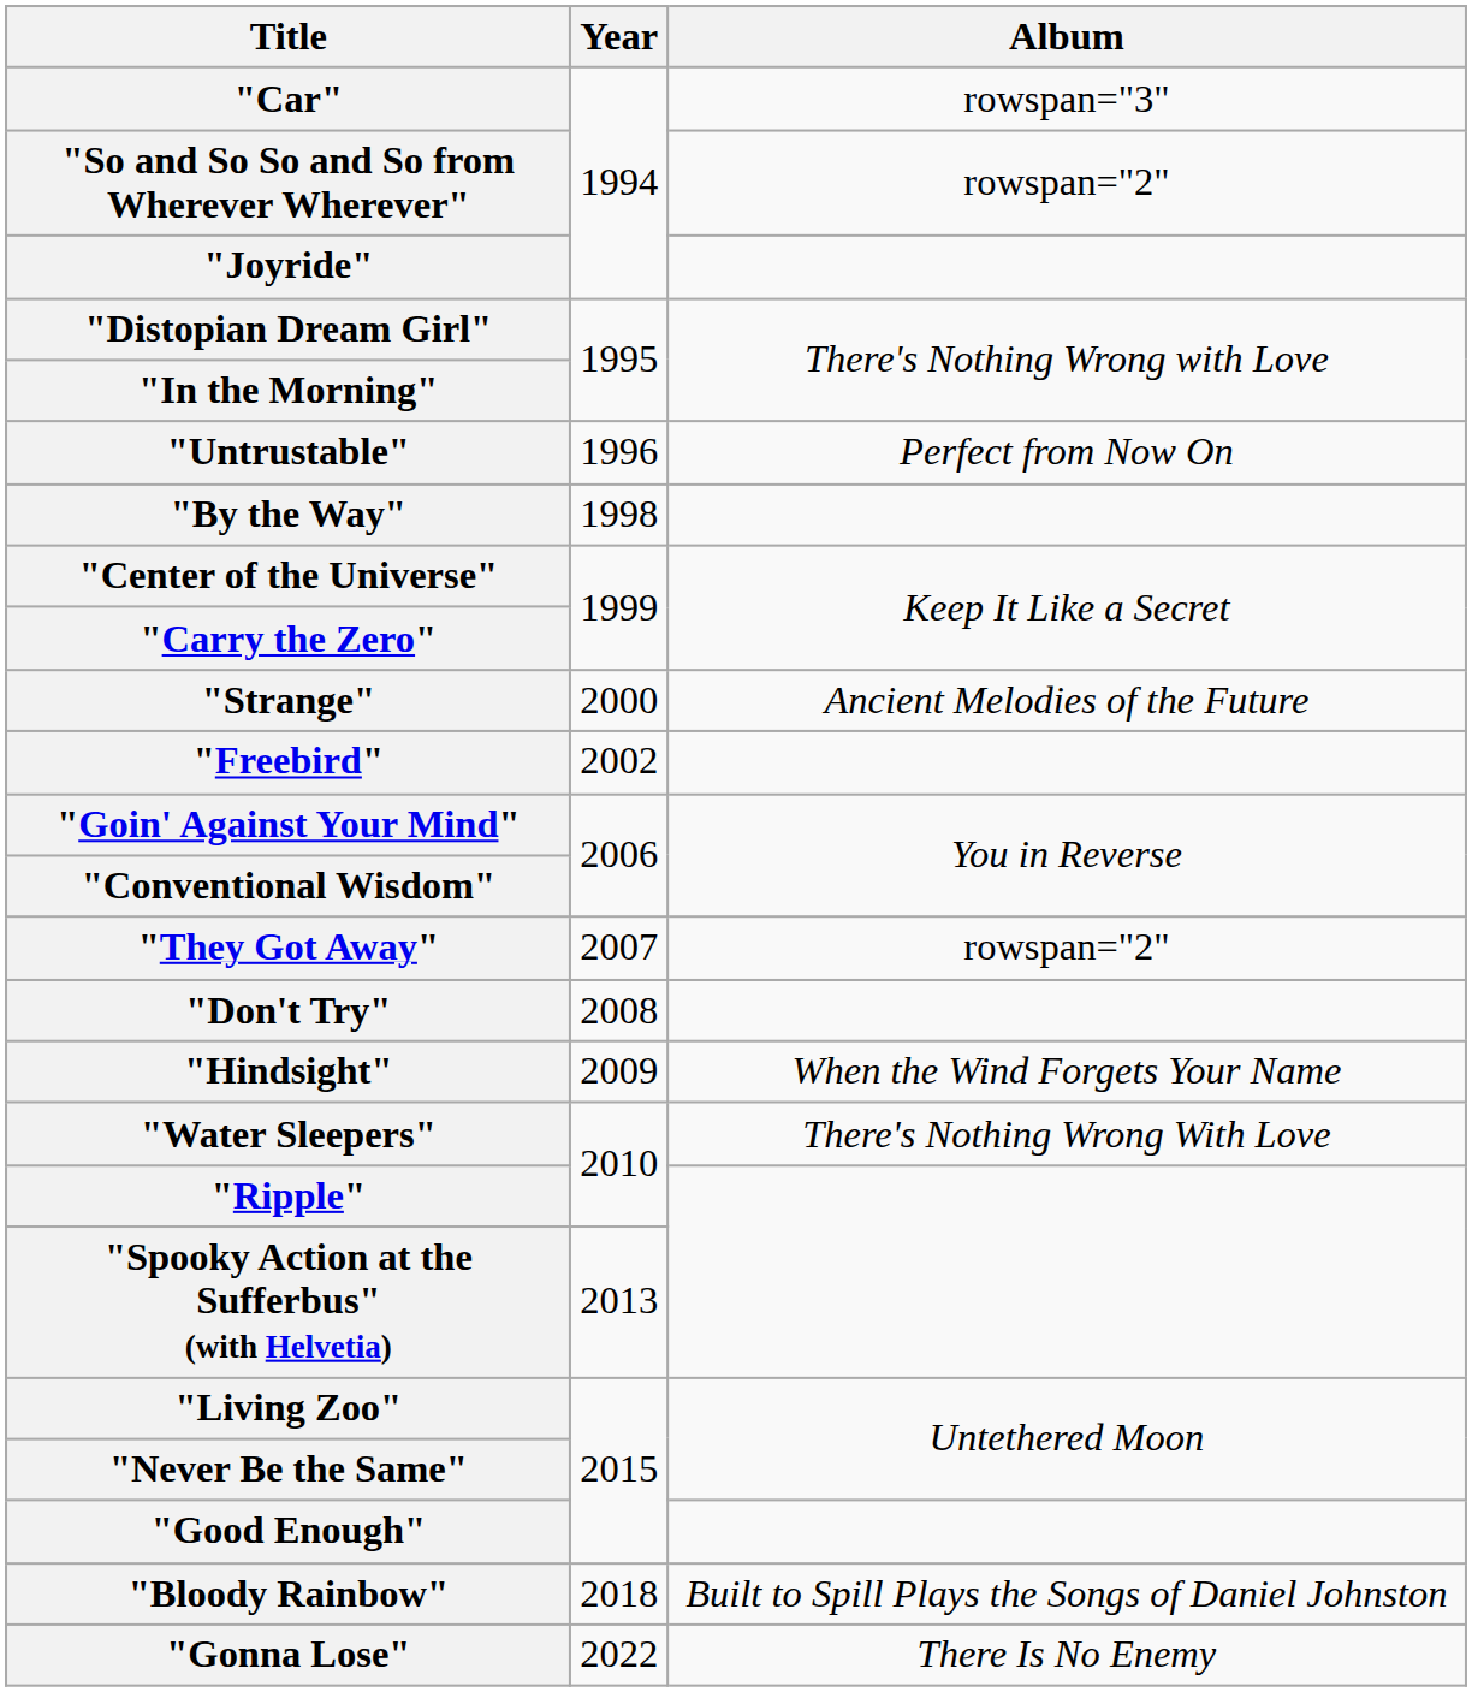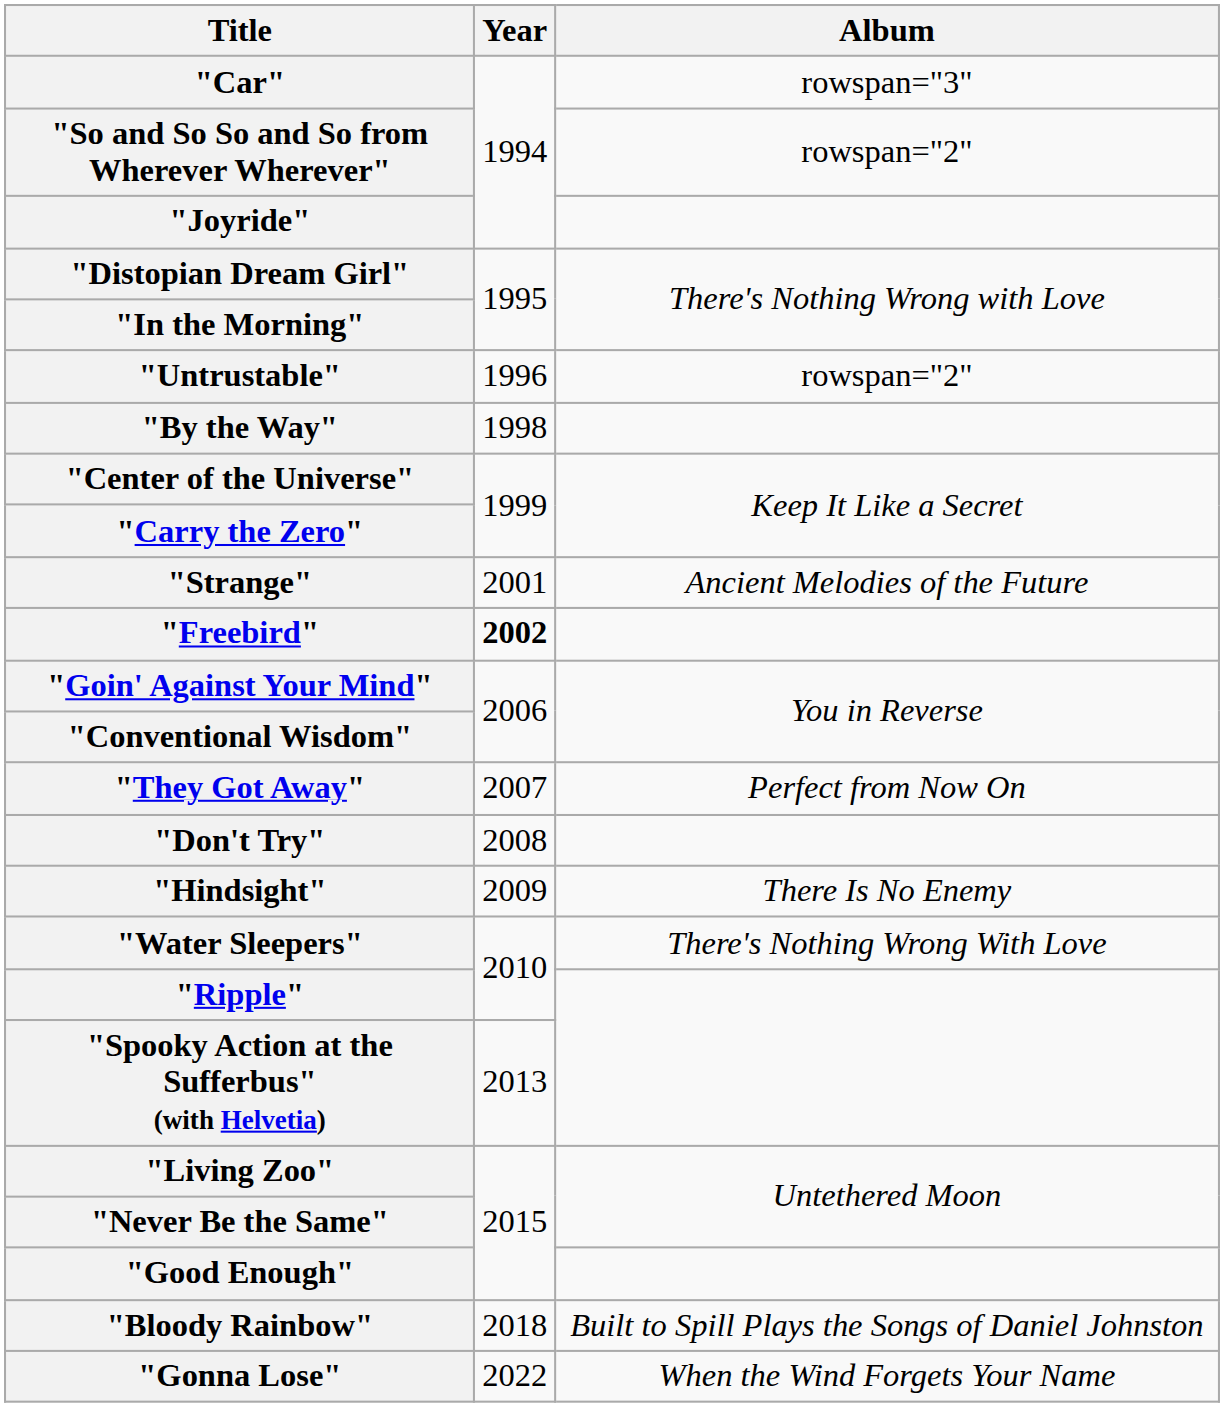 <table class="wikitable plainrowheaders" style="text-align:center;">
 <tr>
 <th scope="col" style="width:14em;">Title</th>
 <th scope="col" style="width:1em;">Year</th>
 <th scope="col" style="width:20em;">Album</th>
 </tr>
 <tr>
 <th scope="row">"Car"</th>
 <td rowspan="3">1994</td>
 <td>rowspan="3" </td>
 </tr>
 <tr>
 <th scope="row">"So and So So and So from Wherever Wherever"</th>
 <td>rowspan="2" </td>
 </tr>
 <tr>
 <th scope="row">"Joyride"</th>
 </tr>
 <tr>
 <th scope="row">"Distopian Dream Girl"</th>
 <td rowspan="2">1995</td>
 <td rowspan="2"><em>There's Nothing Wrong with Love</em></td>
 </tr>
 <tr>
 <th scope="row">"In the Morning"</th>
 </tr>
 <tr>
 <th scope="row">"Untrustable"</th>
 <td>1996</td>
-<td><em>Perfect from Now On</em></td>
+<td>rowspan="2" </td>
 </tr>
 <tr>
 <th scope="row">"By the Way"</th>
 <td>1998</td>
 <td></td>
 </tr>
 <tr>
 <th scope="row">"Center of the Universe"</th>
 <td rowspan="2">1999</td>
 <td rowspan="2"><em>Keep It Like a Secret</em></td>
 </tr>
 <tr>
 <th scope="row">"<a href='#'>Carry the Zero</a>"</th>
 </tr>
 <tr>
 <th scope="row">"Strange"</th>
-<td>2000</td>
+<td>2001</td>
 <td><em>Ancient Melodies of the Future</em></td>
 </tr>
 <tr>
 <th scope="row">"<a href='#'>Freebird</a>"</th>
-<td>2002</td>
+<td><strong>2002</strong></td>
 <td></td>
 </tr>
 <tr>
 <th scope="row">"<a href='#'>Goin' Against Your Mind</a>"</th>
 <td rowspan="2">2006</td>
 <td rowspan="2"><em>You in Reverse</em></td>
 </tr>
 <tr>
 <th scope="row">"Conventional Wisdom"</th>
 </tr>
 <tr>
 <th scope="row">"<a href='#'>They Got Away</a>"</th>
 <td>2007</td>
-<td>rowspan="2" </td>
+<td><em>Perfect from Now On</em></td>
 </tr>
 <tr>
 <th scope="row">"Don't Try"</th>
 <td>2008</td>
 </tr>
 <tr>
 <th scope="row">"Hindsight"</th>
 <td>2009</td>
-<td><em>When the Wind Forgets Your Name</em></td>
+<td><em>There Is No Enemy</em></td>
 </tr>
 <tr>
 <th scope="row">"Water Sleepers"</th>
 <td rowspan="2">2010</td>
 <td><em>There's Nothing Wrong With Love</em></td>
 </tr>
 <tr>
 <th scope="row">"<a href='#'>Ripple</a>"</th>
 </tr>
 <tr>
 <th scope="row">"Spooky Action at the Sufferbus"<br><small>(with <a href='#'>Helvetia</a>)</small></th>
 <td>2013</td>
 </tr>
 <tr>
 <th scope="row">"Living Zoo"</th>
 <td rowspan="3">2015</td>
 <td rowspan="2"><em>Untethered Moon</em></td>
 </tr>
 <tr>
 <th scope="row">"Never Be the Same"</th>
 </tr>
 <tr>
 <th scope="row">"Good Enough"</th>
 <td></td>
 </tr>
 <tr>
 <th scope="row">"Bloody Rainbow"</th>
 <td>2018</td>
 <td><em>Built to Spill Plays the Songs of Daniel Johnston</em></td>
 </tr>
 <tr>
 <th scope="row">"Gonna Lose"</th>
 <td>2022</td>
-<td><em>There Is No Enemy</em></td>
+<td><em>When the Wind Forgets Your Name</em></td>
 </tr>
 </table>
